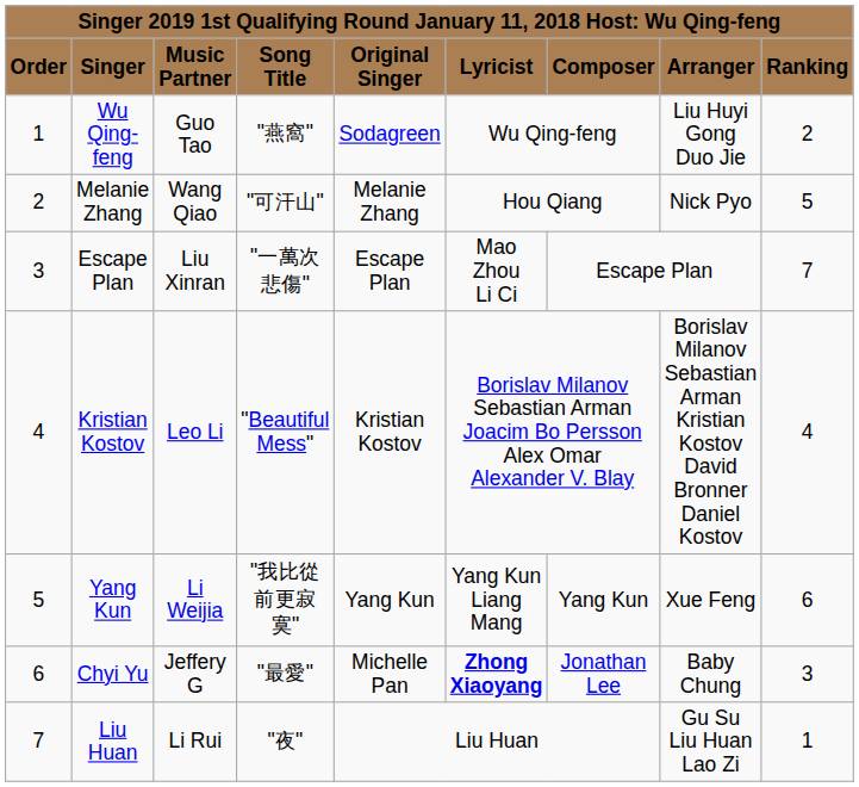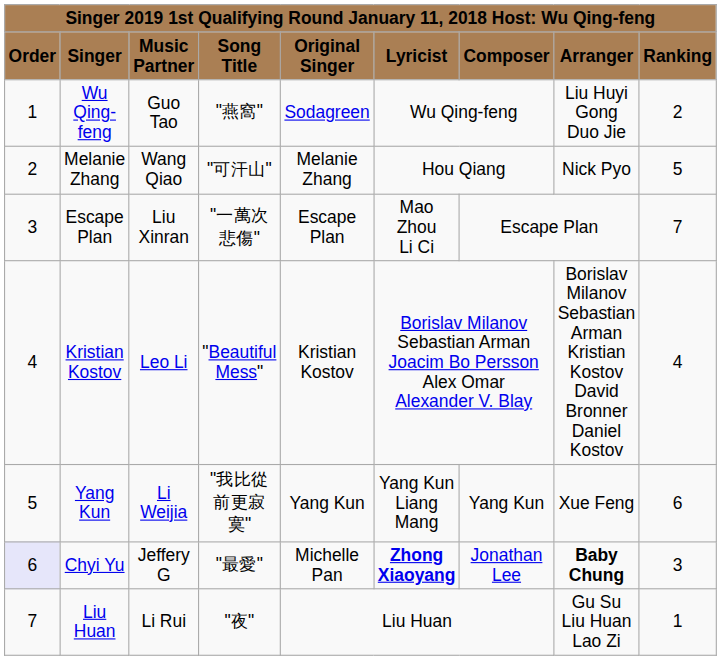 <table class="wikitable sortable mw-collapsible" width="100%" style="text-align:center">
 <tr align=center style="background:#AA7F54">
 <td colspan="9"><div><strong>Singer 2019 1st Qualifying Round January 11, 2018 Host: Wu Qing-feng</strong></div></td>
 </tr>
 <tr style="background:#AA7F54">
 <td style="width:7%"><strong>Order</strong></td>
 <td style="width:8%"><strong>Singer</strong></td>
 <td style="width:9%"><strong>Music Partner</strong></td>
 <td style="width:18%"><strong>Song Title</strong></td>
 <td style="width:12%"><strong>Original Singer</strong></td>
 <td style="width:12% "><strong>Lyricist</strong></td>
 <td style="width:12%"><strong>Composer</strong></td>
 <td style="width:15%"><strong>Arranger</strong></td>
 <td style="width:7%"><strong>Ranking</strong></td>
 </tr>
 <tr>
 <td>1</td>
 <td><a href='#'>Wu Qing-feng</a></td>
 <td>Guo Tao</td>
 <td>"燕窩"</td>
 <td><a href='#'>Sodagreen</a></td>
 <td colspan="2">Wu Qing-feng</td>
 <td>Liu Huyi<br>Gong Duo Jie</td>
 <td>2</td>
 </tr>
 <tr>
 <td>2</td>
 <td>Melanie Zhang</td>
 <td>Wang Qiao</td>
 <td>"可汗山"</td>
 <td>Melanie Zhang</td>
 <td colspan="2">Hou Qiang</td>
 <td>Nick Pyo</td>
 <td>5</td>
 </tr>
 <tr>
 <td>3</td>
 <td>Escape Plan</td>
 <td>Liu Xinran</td>
 <td>"一萬次悲傷"</td>
 <td>Escape Plan</td>
 <td>Mao Zhou <br> Li Ci</td>
 <td colspan="2">Escape Plan</td>
 <td>7</td>
 </tr>
 <tr>
 <td>4</td>
 <td><a href='#'>Kristian Kostov</a></td>
 <td><a href='#'>Leo Li</a></td>
 <td>"<a href='#'>Beautiful Mess</a>"</td>
 <td>Kristian Kostov</td>
 <td colspan="2"><a href='#'>Borislav Milanov</a><br>Sebastian Arman <br><a href='#'>Joacim Bo Persson</a><br>Alex Omar<br><a href='#'>Alexander V. Blay</a></td>
 <td>Borislav Milanov<br>Sebastian Arman<br>Kristian Kostov<br>David Bronner <br> Daniel Kostov</td>
 <td>4</td>
 </tr>
 <tr>
 <td>5</td>
 <td><a href='#'>Yang Kun</a></td>
 <td><a href='#'>Li Weijia</a></td>
 <td>"我比從前更寂寞"</td>
 <td>Yang Kun</td>
 <td>Yang Kun<br>Liang Mang</td>
 <td>Yang Kun</td>
 <td>Xue Feng</td>
 <td>6</td>
 </tr>
 <tr>
-<td>6</td>
+<td style="background: lavender;">6</td>
 <td><a href='#'>Chyi Yu</a></td>
 <td>Jeffery G</td>
 <td>"最愛"</td>
 <td>Michelle Pan</td>
 <td><strong><a href='#'>Zhong Xiaoyang</a></strong></td>
 <td><a href='#'>Jonathan Lee</a></td>
-<td>Baby Chung</td>
+<td><strong>Baby Chung</strong></td>
 <td>3</td>
 </tr>
 <tr>
 <td>7</td>
 <td><a href='#'>Liu Huan</a></td>
 <td>Li Rui</td>
 <td>"夜"</td>
 <td colspan="3">Liu Huan</td>
 <td>Gu Su<br>Liu Huan<br>Lao Zi</td>
 <td>1</td>
 </tr>
 </table>
